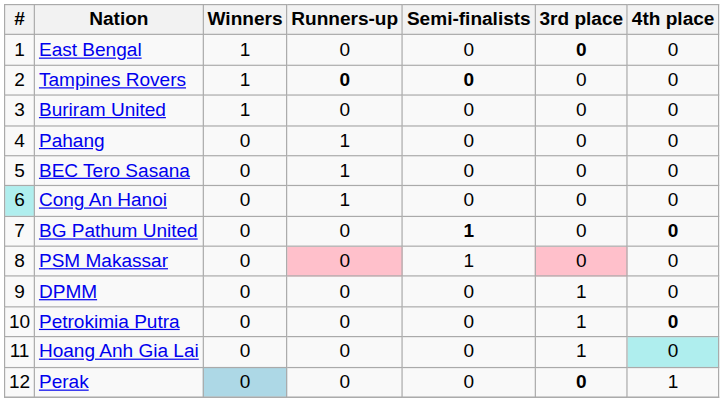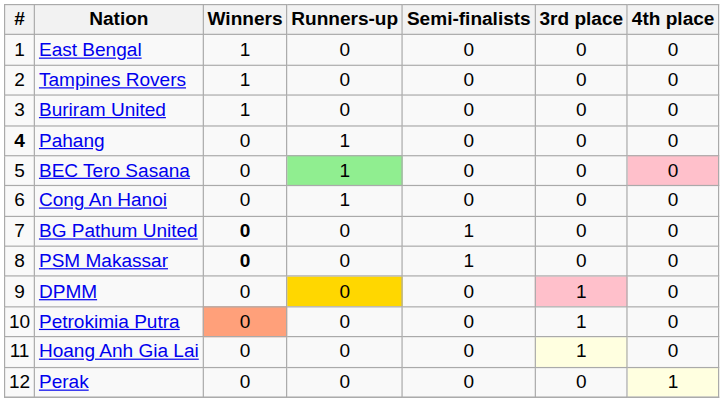 <table class="wikitable sortable" style="text-align:center">
 <tr>
 <th>#</th>
 <th>Nation</th>
 <th>Winners</th>
 <th>Runners-up</th>
 <th>Semi-finalists</th>
 <th>3rd place</th>
 <th>4th place<br></th>
 </tr>
 <tr>
 <td>1</td>
 <td align=left> <a href='#'>East Bengal</a></td>
 <td>1</td>
 <td>0</td>
 <td>0</td>
-<td><strong>0</strong></td>
+<td>0</td>
 <td>0</td>
 </tr>
 <tr>
 <td>2</td>
 <td align=left> <a href='#'>Tampines Rovers</a></td>
 <td>1</td>
-<td><strong>0</strong></td>
-<td><strong>0</strong></td>
+<td>0</td>
+<td>0</td>
 <td>0</td>
 <td>0</td>
 </tr>
 <tr>
 <td>3</td>
 <td align="left"> <a href='#'>Buriram United</a></td>
 <td>1</td>
 <td>0</td>
 <td>0</td>
 <td>0</td>
 <td>0</td>
 </tr>
 <tr>
-<td>4</td>
+<td><strong>4</strong></td>
 <td align="left"> <a href='#'>Pahang</a></td>
 <td>0</td>
 <td>1</td>
 <td>0</td>
 <td>0</td>
 <td>0</td>
 </tr>
 <tr>
 <td>5</td>
 <td align="left"> <a href='#'>BEC Tero Sasana</a></td>
 <td>0</td>
-<td>1</td>
+<td style="background: lightgreen;">1</td>
 <td>0</td>
 <td>0</td>
-<td>0</td>
+<td style="background: pink;">0</td>
 </tr>
 <tr>
-<td style="background: paleturquoise;">6</td>
+<td>6</td>
 <td align="left"> <a href='#'>Cong An Hanoi</a></td>
 <td>0</td>
 <td>1</td>
 <td>0</td>
 <td>0</td>
 <td>0</td>
 </tr>
 <tr>
 <td>7</td>
 <td align="left"> <a href='#'>BG Pathum United</a></td>
+<td><strong>0</strong></td>
+<td>0</td>
+<td>1</td>
 <td>0</td>
 <td>0</td>
-<td><strong>1</strong></td>
-<td>0</td>
-<td><strong>0</strong></td>
 </tr>
 <tr>
 <td>8</td>
 <td align="left"> <a href='#'>PSM Makassar</a></td>
+<td><strong>0</strong></td>
 <td>0</td>
-<td style="background: pink;">0</td>
 <td>1</td>
-<td style="background: pink;">0</td>
+<td>0</td>
 <td>0</td>
 </tr>
 <tr>
 <td>9</td>
 <td align="left"> <a href='#'>DPMM</a></td>
 <td>0</td>
+<td style="background: gold;">0</td>
 <td>0</td>
-<td>0</td>
-<td>1</td>
+<td style="background: pink;">1</td>
 <td>0</td>
 </tr>
 <tr>
 <td>10</td>
 <td align="left"> <a href='#'>Petrokimia Putra</a></td>
-<td>0</td>
+<td style="background: lightsalmon;">0</td>
 <td>0</td>
 <td>0</td>
 <td>1</td>
-<td><strong>0</strong></td>
+<td>0</td>
 </tr>
 <tr>
 <td>11</td>
 <td align="left"> <a href='#'>Hoang Anh Gia Lai</a></td>
 <td>0</td>
 <td>0</td>
 <td>0</td>
-<td>1</td>
-<td style="background: paleturquoise;">0</td>
+<td style="background: lightyellow;">1</td>
+<td>0</td>
 </tr>
 <tr>
 <td>12</td>
 <td align="left"> <a href='#'>Perak</a></td>
-<td style="background: lightblue;">0</td>
 <td>0</td>
 <td>0</td>
-<td><strong>0</strong></td>
-<td>1</td>
+<td>0</td>
+<td>0</td>
+<td style="background: lightyellow;">1</td>
 </tr>
 <tr>
 </tr>
 </table>
